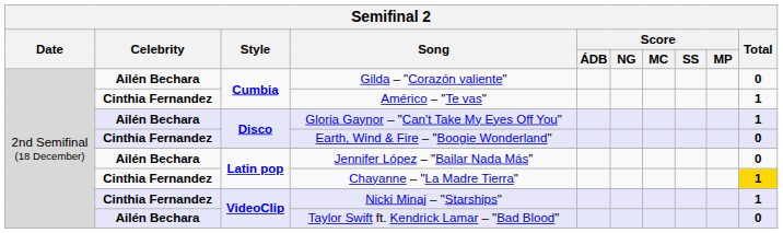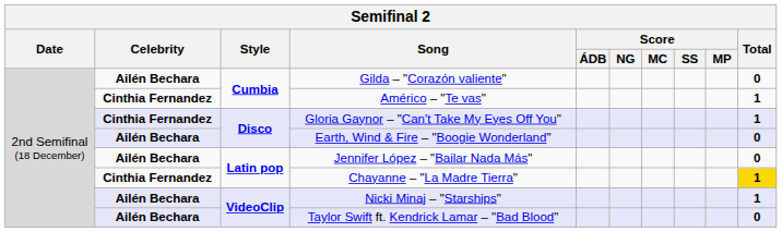 <table class="wikitable collapsible collapsed" style="font-size:90%; text-align: center; width: 100%;">
 <tr>
 <th colspan="11" style="with: 95%;" align=center><big>Semifinal 2</big></th>
 </tr>
 <tr>
 <th rowspan="2">Date</th>
 <th rowspan="2">Celebrity</th>
 <th rowspan="2">Style</th>
 <th rowspan="2">Song</th>
 <th colspan="5">Score</th>
 <th rowspan="2">Total</th>
 </tr>
 <tr>
 <th width=30>ÁDB</th>
 <th width=30>NG</th>
 <th width=30>MC</th>
 <th width=30>SS</th>
 <th width=30>MP</th>
 </tr>
 <tr>
 <td rowspan="8" style="text-align:center; background:#d8d8d8">2nd Semifinal <br> <small>(18 December)</small></td>
 <td><strong>Ailén Bechara</strong></td>
 <td rowspan="2"><strong><a href='#'>Cumbia</a></strong></td>
 <td><a href='#'>Gilda</a> – "<a href='#'>Corazón valiente</a>"</td>
 <td></td>
 <td></td>
 <td></td>
 <td></td>
 <td></td>
 <td><strong>0</strong></td>
 </tr>
 <tr>
 <td><strong>Cinthia Fernandez</strong></td>
 <td><a href='#'>Américo</a> – "<a href='#'>Te vas</a>"</td>
 <td></td>
 <td></td>
 <td></td>
 <td></td>
 <td></td>
 <td><strong>1</strong></td>
 </tr>
 <tr style="background:lavender;">
-<td><strong>Ailén Bechara</strong></td>
+<td><strong>Cinthia Fernandez</strong></td>
 <td rowspan="2"><strong><a href='#'>Disco</a></strong></td>
 <td><a href='#'>Gloria Gaynor</a> – "<a href='#'>Can't Take My Eyes Off You</a>"</td>
 <td></td>
 <td></td>
 <td></td>
 <td></td>
 <td></td>
 <td><strong>1</strong></td>
 </tr>
 <tr style="background:lavender;">
-<td><strong>Cinthia Fernandez</strong></td>
+<td><strong>Ailén Bechara</strong></td>
 <td><a href='#'>Earth, Wind & Fire</a> – "<a href='#'>Boogie Wonderland</a>"</td>
 <td></td>
 <td></td>
 <td></td>
 <td></td>
 <td></td>
 <td><strong>0</strong></td>
 </tr>
 <tr>
 <td><strong>Ailén Bechara</strong></td>
 <td rowspan="2"><strong><a href='#'>Latin pop</a></strong></td>
 <td><a href='#'>Jennifer López</a> – "<a href='#'>Bailar Nada Más</a>"</td>
 <td></td>
 <td></td>
 <td></td>
 <td></td>
 <td></td>
 <td><strong>0</strong></td>
 </tr>
 <tr>
 <td><strong>Cinthia Fernandez</strong></td>
 <td><a href='#'>Chayanne</a> – "<a href='#'>La Madre Tierra</a>"</td>
 <td></td>
 <td></td>
 <td></td>
 <td></td>
 <td></td>
 <td style="background: gold;"><strong>1</strong></td>
 </tr>
 <tr style="background:lavender;">
-<td><strong>Cinthia Fernandez</strong></td>
+<td><strong>Ailén Bechara</strong></td>
 <td rowspan="2"><strong><a href='#'>VideoClip</a></strong></td>
 <td><a href='#'>Nicki Minaj</a> – "<a href='#'>Starships</a>"</td>
 <td></td>
 <td></td>
 <td></td>
 <td></td>
 <td></td>
 <td><strong>1</strong></td>
 </tr>
 <tr style="background:lavender;">
 <td><strong>Ailén Bechara</strong></td>
 <td><a href='#'>Taylor Swift</a> ft. <a href='#'>Kendrick Lamar</a> – "<a href='#'>Bad Blood</a>"</td>
 <td></td>
 <td></td>
 <td></td>
 <td></td>
 <td></td>
 <td><strong>0</strong></td>
 </tr>
 </table>
